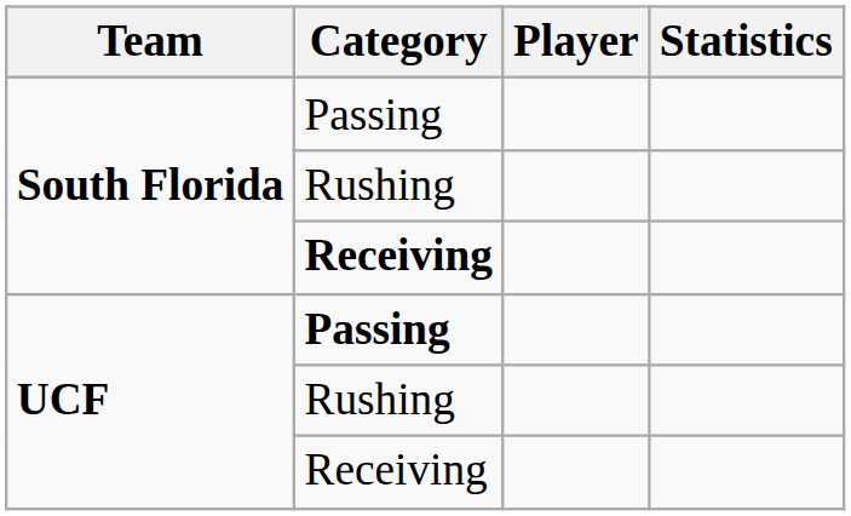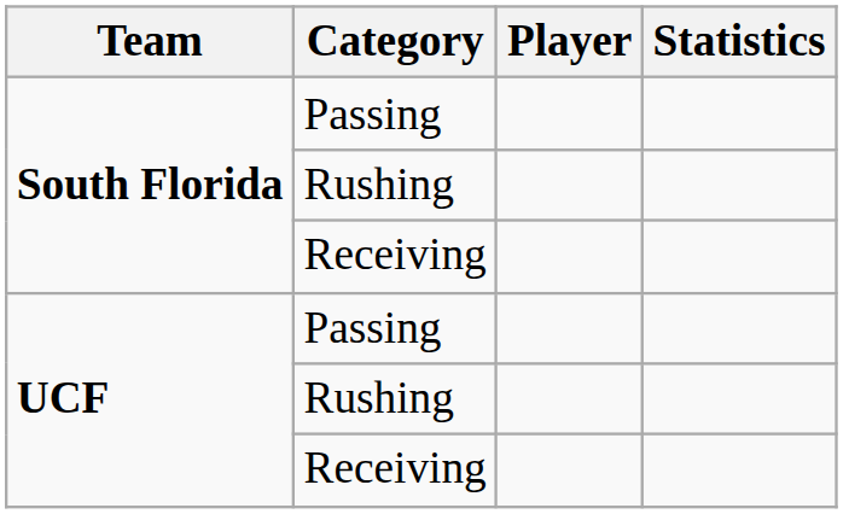 <table class="wikitable" style="float: left;">
 <tr>
 <th>Team</th>
 <th>Category</th>
 <th>Player</th>
 <th>Statistics</th>
 </tr>
 <tr>
 <td rowspan=3><strong>South Florida</strong></td>
 <td>Passing</td>
 <td> </td>
 <td> </td>
 </tr>
 <tr>
 <td>Rushing</td>
 <td> </td>
 <td> </td>
 </tr>
 <tr>
-<td><strong>Receiving</strong></td>
+<td>Receiving</td>
 <td> </td>
 <td> </td>
 </tr>
 <tr>
 <td rowspan=3><strong>UCF</strong></td>
-<td><strong>Passing</strong></td>
+<td>Passing</td>
 <td> </td>
 <td> </td>
 </tr>
 <tr>
 <td>Rushing</td>
 <td> </td>
 <td> </td>
 </tr>
 <tr>
 <td>Receiving</td>
 <td> </td>
 <td> </td>
 </tr>
 </table>
